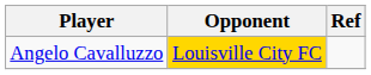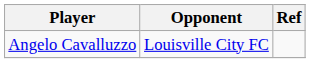 <table class=wikitable>
 <tr>
 <th>Player</th>
 <th>Opponent</th>
 <th>Ref</th>
 </tr>
 <tr>
 <td> <a href='#'>Angelo Cavalluzzo</a></td>
-<td style="background: gold;"><a href='#'>Louisville City FC</a></td>
+<td><a href='#'>Louisville City FC</a></td>
 <td></td>
 </tr>
 <tr>
 </tr>
 </table>
